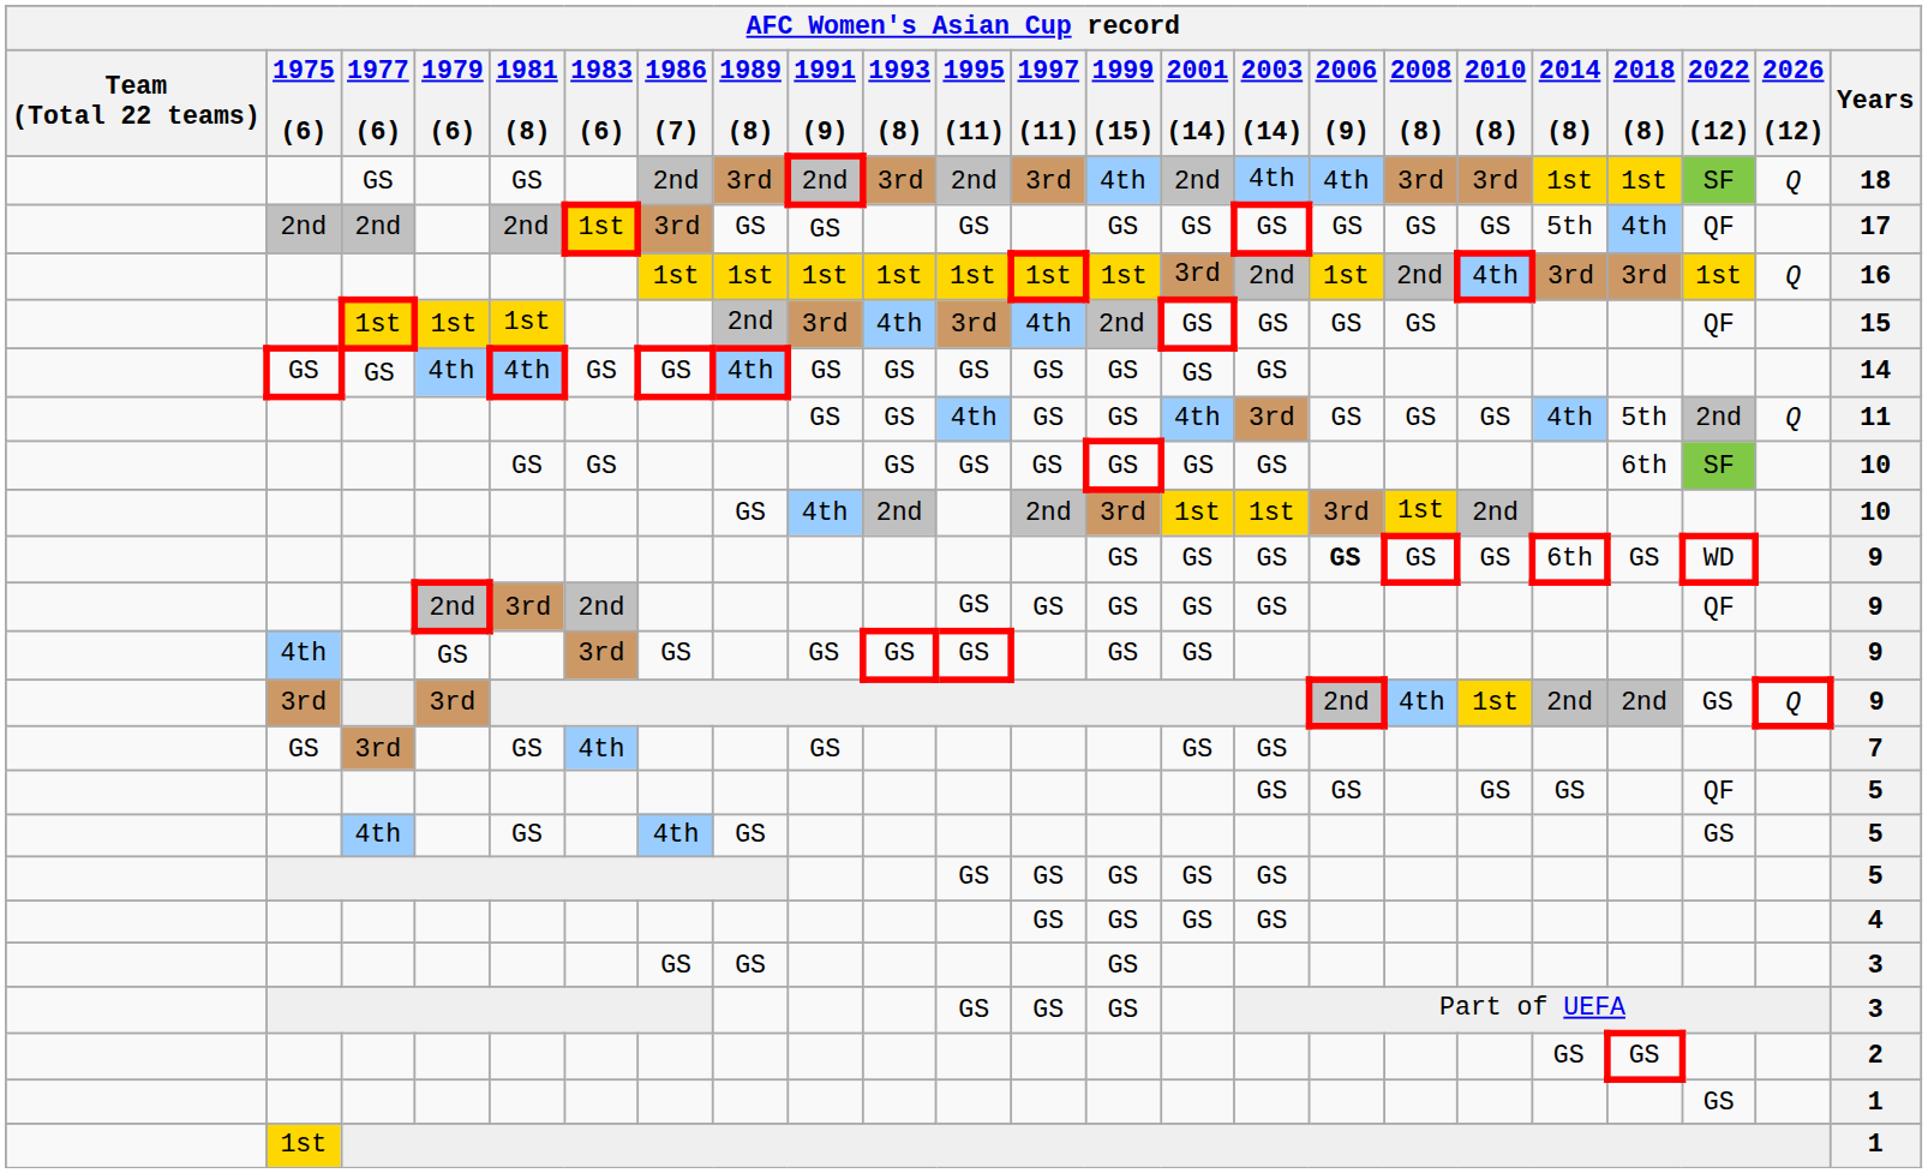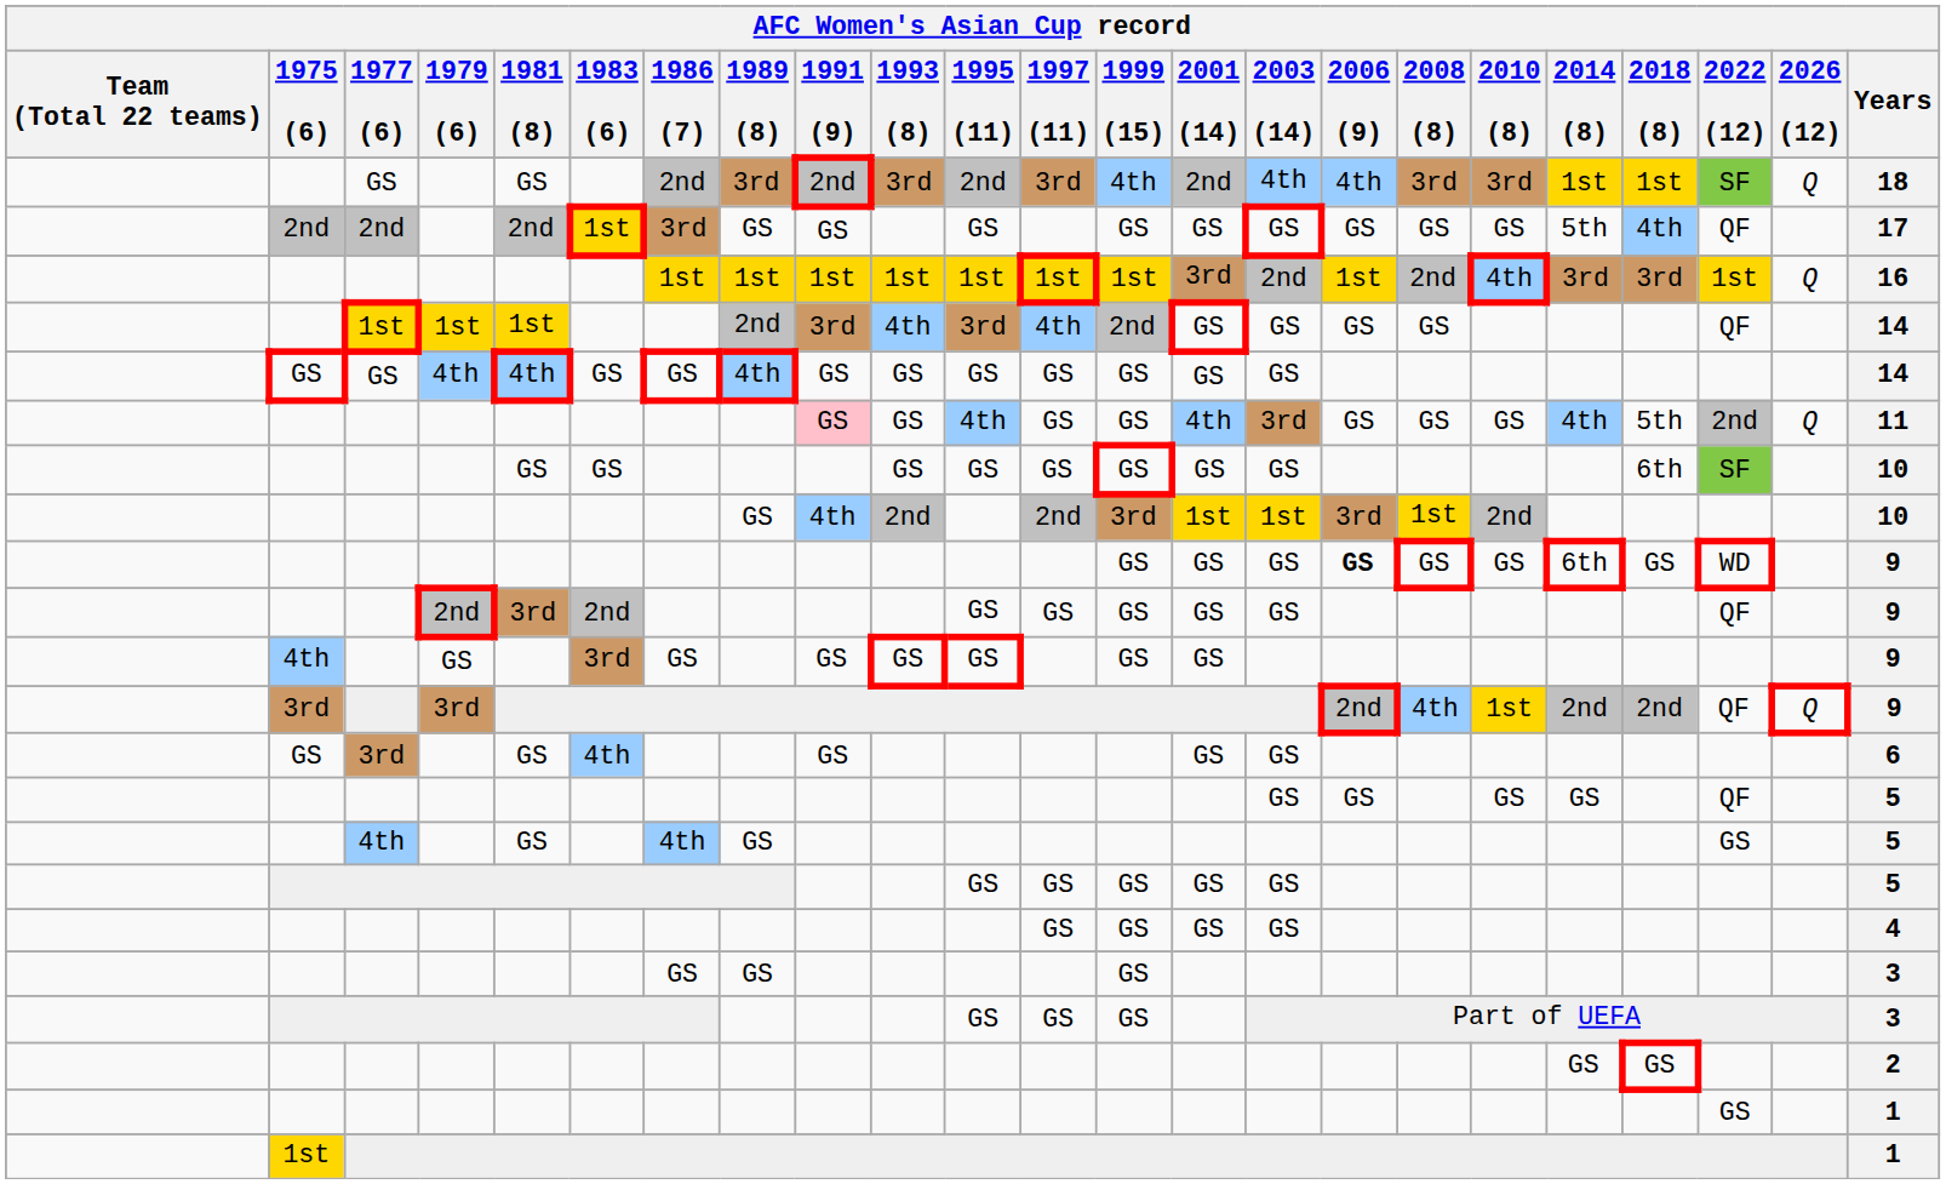 <table class="wikitable" style="text-align:center; font-size:90%">
 <tr>
 <th colspan=23><a href='#'>AFC Women's Asian Cup</a> record</th>
 </tr>
 <tr>
 <th>Team<br>(Total 22 teams)</th>
 <th><a href='#'>1975</a><br><br>(6)</th>
 <th><a href='#'>1977</a><br><br>(6)</th>
 <th><a href='#'>1979</a><br><br>(6)</th>
 <th><a href='#'>1981</a><br><br>(8)</th>
 <th><a href='#'>1983</a><br><br>(6)</th>
 <th><a href='#'>1986</a><br><br>(7)</th>
 <th><a href='#'>1989</a><br><br>(8)</th>
 <th><a href='#'>1991</a><br><br>(9)</th>
 <th><a href='#'>1993</a><br><br>(8)</th>
 <th><a href='#'>1995</a><br><br>(11)</th>
 <th><a href='#'>1997</a><br><br>(11)</th>
 <th><a href='#'>1999</a><br><br>(15)</th>
 <th><a href='#'>2001</a><br><br>(14)</th>
 <th><a href='#'>2003</a><br><br>(14)</th>
 <th><a href='#'>2006</a><br><br>(9)</th>
 <th><a href='#'>2008</a><br><br>(8)</th>
 <th><a href='#'>2010</a><br><br>(8)</th>
 <th><a href='#'>2014</a><br><br>(8)</th>
 <th><a href='#'>2018</a><br><br>(8)</th>
 <th><a href='#'>2022</a><br><br>(12)</th>
 <th><a href='#'>2026</a><br><br>(12)</th>
 <th>Years</th>
 </tr>
 <tr>
 <td align=left></td>
 <td></td>
 <td>GS</td>
 <td></td>
 <td>GS</td>
 <td></td>
 <td bgcolor=Silver>2nd</td>
 <td bgcolor=#cc9966>3rd</td>
 <td style="border: 3px solid red;background:Silver">2nd</td>
 <td bgcolor=#cc9966>3rd</td>
 <td bgcolor=Silver>2nd</td>
 <td bgcolor=#cc9966>3rd</td>
 <td bgcolor=#9acdff>4th</td>
 <td bgcolor=Silver>2nd</td>
 <td bgcolor=#9acdff>4th</td>
 <td bgcolor=#9acdff>4th</td>
 <td bgcolor=#cc9966>3rd</td>
 <td bgcolor=#cc9966>3rd</td>
 <td bgcolor=Gold>1st</td>
 <td bgcolor=Gold>1st</td>
 <td bgcolor=#81c846>SF</td>
 <td><em>Q</em></td>
 <th>18</th>
 </tr>
 <tr>
 <td align=left></td>
 <td bgcolor=Silver>2nd</td>
 <td bgcolor=Silver>2nd</td>
 <td></td>
 <td bgcolor=Silver>2nd</td>
 <td style="border: 3px solid red;background:Gold">1st</td>
 <td bgcolor=#cc9966>3rd</td>
 <td>GS</td>
 <td>GS</td>
 <td></td>
 <td>GS</td>
 <td></td>
 <td>GS</td>
 <td>GS</td>
 <td style="border: 3px solid red">GS</td>
 <td>GS</td>
 <td>GS</td>
 <td>GS</td>
 <td>5th</td>
 <td bgcolor=#9acdff>4th</td>
 <td>QF</td>
 <td></td>
 <th>17</th>
 </tr>
 <tr>
 <td align=left></td>
 <td></td>
 <td></td>
 <td></td>
 <td></td>
 <td></td>
 <td bgcolor=Gold>1st</td>
 <td bgcolor=Gold>1st</td>
 <td bgcolor=Gold>1st</td>
 <td bgcolor=Gold>1st</td>
 <td bgcolor=Gold>1st</td>
 <td style="border: 3px solid red;background:Gold">1st</td>
 <td bgcolor=Gold>1st</td>
 <td bgcolor=#cc9966>3rd</td>
 <td bgcolor=Silver>2nd</td>
 <td bgcolor=Gold>1st</td>
 <td bgcolor=Silver>2nd</td>
 <td style="border: 3px solid red;background:#9acdff">4th</td>
 <td bgcolor=#cc9966>3rd</td>
 <td bgcolor=#cc9966>3rd</td>
 <td bgcolor=Gold>1st</td>
 <td><em>Q</em></td>
 <th>16</th>
 </tr>
 <tr>
 <td align=left></td>
 <td></td>
 <td style="border: 3px solid red;background:Gold">1st</td>
 <td bgcolor=Gold>1st</td>
 <td bgcolor=Gold>1st</td>
 <td></td>
 <td></td>
 <td bgcolor=Silver>2nd</td>
 <td bgcolor=#cc9966>3rd</td>
 <td bgcolor=#9acdff>4th</td>
 <td bgcolor=#cc9966>3rd</td>
 <td bgcolor=#9acdff>4th</td>
 <td bgcolor=Silver>2nd</td>
 <td style="border: 3px solid red">GS</td>
 <td>GS</td>
 <td>GS</td>
 <td>GS</td>
 <td></td>
 <td></td>
 <td></td>
 <td>QF</td>
 <td></td>
-<th>15</th>
+<th>14</th>
 </tr>
 <tr>
 <td align=left></td>
 <td style="border: 3px solid red">GS</td>
 <td>GS</td>
 <td bgcolor=#9acdff>4th</td>
 <td style="border: 3px solid red;background:#9acdff">4th</td>
 <td>GS</td>
 <td style="border: 3px solid red">GS</td>
 <td style="border: 3px solid red;background:#9acdff">4th</td>
 <td>GS</td>
 <td>GS</td>
 <td>GS</td>
 <td>GS</td>
 <td>GS</td>
 <td>GS</td>
 <td>GS</td>
 <td></td>
 <td></td>
 <td></td>
 <td></td>
 <td></td>
 <td></td>
 <td></td>
 <th>14</th>
 </tr>
 <tr>
 <td align=left></td>
 <td></td>
 <td></td>
 <td></td>
 <td></td>
 <td></td>
 <td></td>
 <td></td>
-<td>GS</td>
+<td style="background: pink;">GS</td>
 <td>GS</td>
 <td bgcolor=#9acdff>4th</td>
 <td>GS</td>
 <td>GS</td>
 <td bgcolor=#9acdff>4th</td>
 <td bgcolor=#cc9966>3rd</td>
 <td>GS</td>
 <td>GS</td>
 <td>GS</td>
 <td bgcolor=#9acdff>4th</td>
 <td>5th</td>
 <td bgcolor=Silver>2nd</td>
 <td><em>Q</em></td>
 <th>11</th>
 </tr>
 <tr>
 <td align=left></td>
 <td></td>
 <td></td>
 <td></td>
 <td>GS</td>
 <td>GS</td>
 <td></td>
 <td></td>
 <td></td>
 <td>GS</td>
 <td>GS</td>
 <td>GS</td>
 <td style="border: 3px solid red">GS</td>
 <td>GS</td>
 <td>GS</td>
 <td></td>
 <td></td>
 <td></td>
 <td></td>
 <td>6th</td>
 <td bgcolor=#81c846>SF</td>
 <td></td>
 <th>10</th>
 </tr>
 <tr>
 <td align=left></td>
 <td></td>
 <td></td>
 <td></td>
 <td></td>
 <td></td>
 <td></td>
 <td>GS</td>
 <td bgcolor=#9acdff>4th</td>
 <td bgcolor=Silver>2nd</td>
 <td></td>
 <td bgcolor=Silver>2nd</td>
 <td bgcolor=#cc9966>3rd</td>
 <td bgcolor=Gold>1st</td>
 <td bgcolor=Gold>1st</td>
 <td bgcolor=#cc9966>3rd</td>
 <td bgcolor=Gold>1st</td>
 <td bgcolor=Silver>2nd</td>
 <td></td>
 <td></td>
 <td></td>
 <td></td>
 <th>10</th>
 </tr>
 <tr>
 <td align=left></td>
 <td></td>
 <td></td>
 <td></td>
 <td></td>
 <td></td>
 <td></td>
 <td></td>
 <td></td>
 <td></td>
 <td></td>
 <td></td>
 <td>GS</td>
 <td>GS</td>
 <td>GS</td>
 <td><strong>GS</strong></td>
 <td style="border: 3px solid red">GS</td>
 <td>GS</td>
 <td style="border: 3px solid red">6th</td>
 <td>GS</td>
 <td style="border: 3px solid red">WD</td>
 <td></td>
 <th>9</th>
 </tr>
 <tr>
 <td align=left></td>
 <td></td>
 <td></td>
 <td style="border: 3px solid red;background:Silver">2nd</td>
 <td bgcolor=#cc9966>3rd</td>
 <td bgcolor=Silver>2nd</td>
 <td></td>
 <td></td>
 <td></td>
 <td></td>
 <td>GS</td>
 <td>GS</td>
 <td>GS</td>
 <td>GS</td>
 <td>GS</td>
 <td></td>
 <td></td>
 <td></td>
 <td></td>
 <td></td>
 <td>QF</td>
 <td></td>
 <th>9</th>
 </tr>
 <tr>
 <td align=left></td>
 <td bgcolor=#9acdff>4th</td>
 <td></td>
 <td>GS</td>
 <td></td>
 <td bgcolor=#cc9966>3rd</td>
 <td>GS</td>
 <td></td>
 <td>GS</td>
 <td style="border: 3px solid red">GS</td>
 <td style="border: 3px solid red">GS</td>
 <td></td>
 <td>GS</td>
 <td>GS</td>
 <td></td>
 <td></td>
 <td></td>
 <td></td>
 <td></td>
 <td></td>
 <td></td>
 <td></td>
 <th>9</th>
 </tr>
 <tr>
 <td align=left></td>
 <td bgcolor=#cc9966>3rd</td>
 <td bgcolor="#efefef"></td>
 <td bgcolor=#cc9966>3rd</td>
 <td colspan=11 bgcolor="#efefef"></td>
 <td style="border: 3px solid red" bgcolor=Silver>2nd</td>
 <td bgcolor=#9acdff>4th</td>
 <td bgcolor=Gold>1st</td>
 <td bgcolor=Silver>2nd</td>
 <td bgcolor=Silver>2nd</td>
-<td>GS</td>
+<td>QF</td>
 <td style="border: 3px solid red"><em>Q</em></td>
 <th>9</th>
 </tr>
 <tr>
 <td align=left></td>
 <td>GS</td>
 <td bgcolor=#cc9966>3rd</td>
 <td></td>
 <td>GS</td>
 <td bgcolor=#9acdff>4th</td>
 <td></td>
 <td></td>
 <td>GS</td>
 <td></td>
 <td></td>
 <td></td>
 <td></td>
 <td>GS</td>
 <td>GS</td>
 <td></td>
 <td></td>
 <td></td>
 <td></td>
 <td></td>
 <td></td>
 <td></td>
-<th>7</th>
+<th>6</th>
 </tr>
 <tr>
 <td align=left></td>
 <td></td>
 <td></td>
 <td></td>
 <td></td>
 <td></td>
 <td></td>
 <td></td>
 <td></td>
 <td></td>
 <td></td>
 <td></td>
 <td></td>
 <td></td>
 <td>GS</td>
 <td>GS</td>
 <td></td>
 <td>GS</td>
 <td>GS</td>
 <td></td>
 <td>QF</td>
 <td></td>
 <th>5</th>
 </tr>
 <tr>
 <td align=left></td>
 <td></td>
 <td bgcolor=#9acdff>4th</td>
 <td></td>
 <td>GS</td>
 <td></td>
 <td bgcolor=#9acdff>4th</td>
 <td>GS</td>
 <td></td>
 <td></td>
 <td></td>
 <td></td>
 <td></td>
 <td></td>
 <td></td>
 <td></td>
 <td></td>
 <td></td>
 <td></td>
 <td></td>
 <td>GS</td>
 <td></td>
 <th>5</th>
 </tr>
 <tr>
 <td align=left></td>
 <td colspan=7 bgcolor="#efefef"></td>
 <td></td>
 <td></td>
 <td>GS</td>
 <td>GS</td>
 <td>GS</td>
 <td>GS</td>
 <td>GS</td>
 <td></td>
 <td></td>
 <td></td>
 <td></td>
 <td></td>
 <td></td>
 <td></td>
 <th>5</th>
 </tr>
 <tr>
 <td align=left></td>
 <td></td>
 <td></td>
 <td></td>
 <td></td>
 <td></td>
 <td></td>
 <td></td>
 <td></td>
 <td></td>
 <td></td>
 <td>GS</td>
 <td>GS</td>
 <td>GS</td>
 <td>GS</td>
 <td></td>
 <td></td>
 <td></td>
 <td></td>
 <td></td>
 <td></td>
 <td></td>
 <th>4</th>
 </tr>
 <tr>
 <td align=left></td>
 <td></td>
 <td></td>
 <td></td>
 <td></td>
 <td></td>
 <td>GS</td>
 <td>GS</td>
 <td></td>
 <td></td>
 <td></td>
 <td></td>
 <td>GS</td>
 <td></td>
 <td></td>
 <td></td>
 <td></td>
 <td></td>
 <td></td>
 <td></td>
 <td></td>
 <td></td>
 <th>3</th>
 </tr>
 <tr>
 <td align=left></td>
 <td colspan=6 bgcolor="#efefef"></td>
 <td></td>
 <td></td>
 <td></td>
 <td>GS</td>
 <td>GS</td>
 <td>GS</td>
 <td></td>
 <td colspan=8 bgcolor="#efefef">Part of <a href='#'>UEFA</a></td>
 <th>3</th>
 </tr>
 <tr>
 <td align=left></td>
 <td></td>
 <td></td>
 <td></td>
 <td></td>
 <td></td>
 <td></td>
 <td></td>
 <td></td>
 <td></td>
 <td></td>
 <td></td>
 <td></td>
 <td></td>
 <td></td>
 <td></td>
 <td></td>
 <td></td>
 <td>GS</td>
 <td style="border: 3px solid red">GS</td>
 <td></td>
 <td></td>
 <th>2</th>
 </tr>
 <tr>
 <td align=left></td>
 <td></td>
 <td></td>
 <td></td>
 <td></td>
 <td></td>
 <td></td>
 <td></td>
 <td></td>
 <td></td>
 <td></td>
 <td></td>
 <td></td>
 <td></td>
 <td></td>
 <td></td>
 <td></td>
 <td></td>
 <td></td>
 <td></td>
 <td>GS</td>
 <td></td>
 <th>1</th>
 </tr>
 <tr>
 <td align=left></td>
 <td bgcolor=Gold>1st</td>
 <td colspan=20 bgcolor="#efefef"></td>
 <th>1</th>
 </tr>
 </table>
